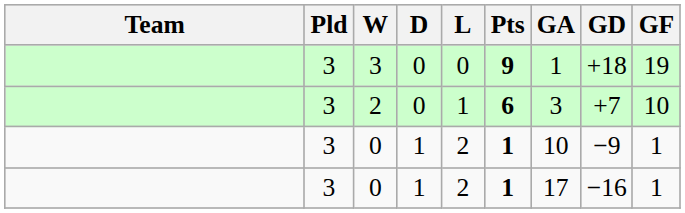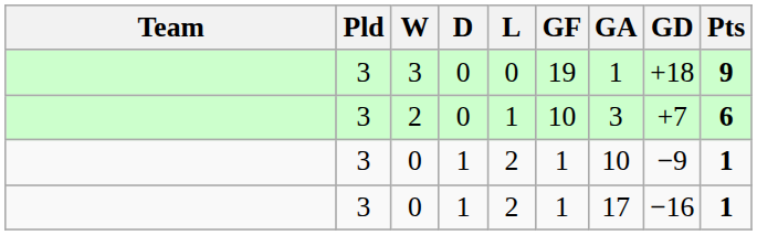 <table class="wikitable" style="text-align:center;">
 <tr>
 <th width=180>Team</th>
 <th width=20>Pld</th>
 <th width=20>W</th>
 <th width=20>D</th>
 <th width=20>L</th>
-<th width=20>Pts</th>
+<th width=20>GF</th>
 <th width=20>GA</th>
 <th width=20>GD</th>
-<th width=20>GF</th>
+<th width=20>Pts</th>
 </tr>
 <tr bgcolor=ccffcc>
 <td align="left"><em></em></td>
 <td>3</td>
 <td>3</td>
 <td>0</td>
 <td>0</td>
-<td><strong>9</strong></td>
+<td>19</td>
 <td>1</td>
 <td>+18</td>
-<td>19</td>
+<td><strong>9</strong></td>
 </tr>
 <tr bgcolor=ccffcc>
 <td align="left"></td>
 <td>3</td>
 <td>2</td>
 <td>0</td>
 <td>1</td>
-<td><strong>6</strong></td>
+<td>10</td>
 <td>3</td>
 <td>+7</td>
-<td>10</td>
+<td><strong>6</strong></td>
 </tr>
 <tr>
 <td align="left"></td>
 <td>3</td>
 <td>0</td>
 <td>1</td>
 <td>2</td>
-<td><strong>1</strong></td>
+<td>1</td>
 <td>10</td>
 <td>−9</td>
-<td>1</td>
+<td><strong>1</strong></td>
 </tr>
 <tr>
 <td align="left"></td>
 <td>3</td>
 <td>0</td>
 <td>1</td>
 <td>2</td>
-<td><strong>1</strong></td>
+<td>1</td>
 <td>17</td>
 <td>−16</td>
-<td>1</td>
+<td><strong>1</strong></td>
 </tr>
 </table>
